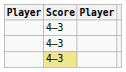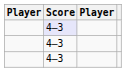 <table class="wikitable">
 <tr>
 <th>Player</th>
 <th style="text-align: center">Score</th>
 <th>Player</th>
 <th></th>
+</tr>
+<tr>
+<td></td>
+<td style="background: lavender;">4–3</td>
+<td></td>
+<td></td>
 </tr>
 <tr>
 <td></td>
 <td>4–3</td>
 <td></td>
 <td></td>
 </tr>
 <tr>
 <td></td>
 <td>4–3</td>
 <td></td>
 <td></td>
 </tr>
-<tr>
-<td></td>
-<td style="background: khaki;">4–3</td>
-<td></td>
-<td></td>
-</tr>
 </table>
